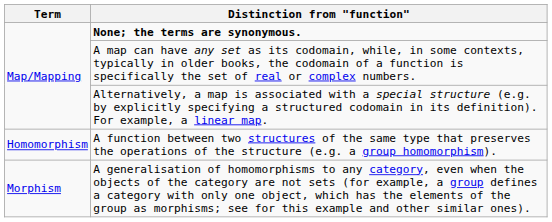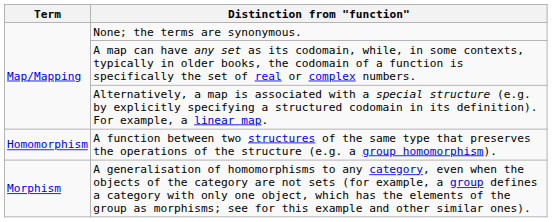 <table class="wikitable floatright" style= "width: 50%">
 <tr>
 <th>Term</th>
 <th>Distinction from "function"</th>
 </tr>
 <tr>
 <td rowspan="3"><a href='#'>Map/Mapping</a></td>
-<td><strong>None; the terms are synonymous.</strong></td>
+<td>None; the terms are synonymous.</td>
 </tr>
 <tr>
 <td>A map can have <em>any set</em> as its codomain, while, in some contexts, typically in older books, the codomain of a function is specifically the set of <a href='#'>real</a> or <a href='#'>complex</a> numbers.</td>
 </tr>
 <tr>
 <td>Alternatively, a map is associated with a <em>special structure</em> (e.g. by explicitly specifying a structured codomain in its definition). For example, a <a href='#'>linear map</a>.</td>
 </tr>
 <tr>
 <td><a href='#'>Homomorphism</a></td>
 <td>A function between two <a href='#'>structures</a> of the same type that preserves the operations of the structure (e.g. a <a href='#'>group homomorphism</a>).</td>
 </tr>
 <tr>
 <td><a href='#'>Morphism</a></td>
 <td>A generalisation of homomorphisms to any <a href='#'>category</a>, even when the objects of the category are not sets (for example, a <a href='#'>group</a> defines a category with only one object, which has the elements of the group as morphisms; see  for this example and other similar ones).</td>
 </tr>
 </table>
